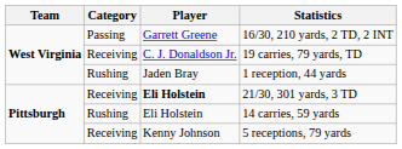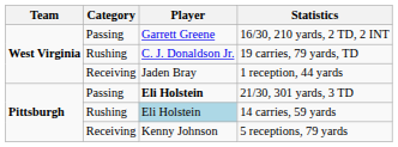 <table class="wikitable" style="float: right;">
 <tr>
 <th>Team</th>
 <th>Category</th>
 <th>Player</th>
 <th>Statistics</th>
 </tr>
 <tr>
 <td rowspan=3><strong>West Virginia</strong></td>
 <td>Passing</td>
 <td><a href='#'>Garrett Greene</a></td>
 <td>16/30, 210 yards, 2 TD, 2 INT</td>
 </tr>
 <tr>
-<td>Receiving</td>
+<td>Rushing</td>
 <td><a href='#'>C. J. Donaldson Jr.</a></td>
 <td>19 carries, 79 yards, TD</td>
 </tr>
 <tr>
-<td>Rushing</td>
+<td>Receiving</td>
 <td>Jaden Bray</td>
 <td>1 reception, 44 yards</td>
 </tr>
 <tr>
 <td rowspan=3><strong>Pittsburgh</strong></td>
-<td>Receiving</td>
+<td>Passing</td>
 <td><strong>Eli Holstein</strong></td>
 <td>21/30, 301 yards, 3 TD</td>
 </tr>
 <tr>
 <td>Rushing</td>
-<td>Eli Holstein</td>
+<td style="background: lightblue;">Eli Holstein</td>
 <td>14 carries, 59 yards</td>
 </tr>
 <tr>
 <td>Receiving</td>
 <td>Kenny Johnson</td>
 <td>5 receptions, 79 yards</td>
 </tr>
 </table>
